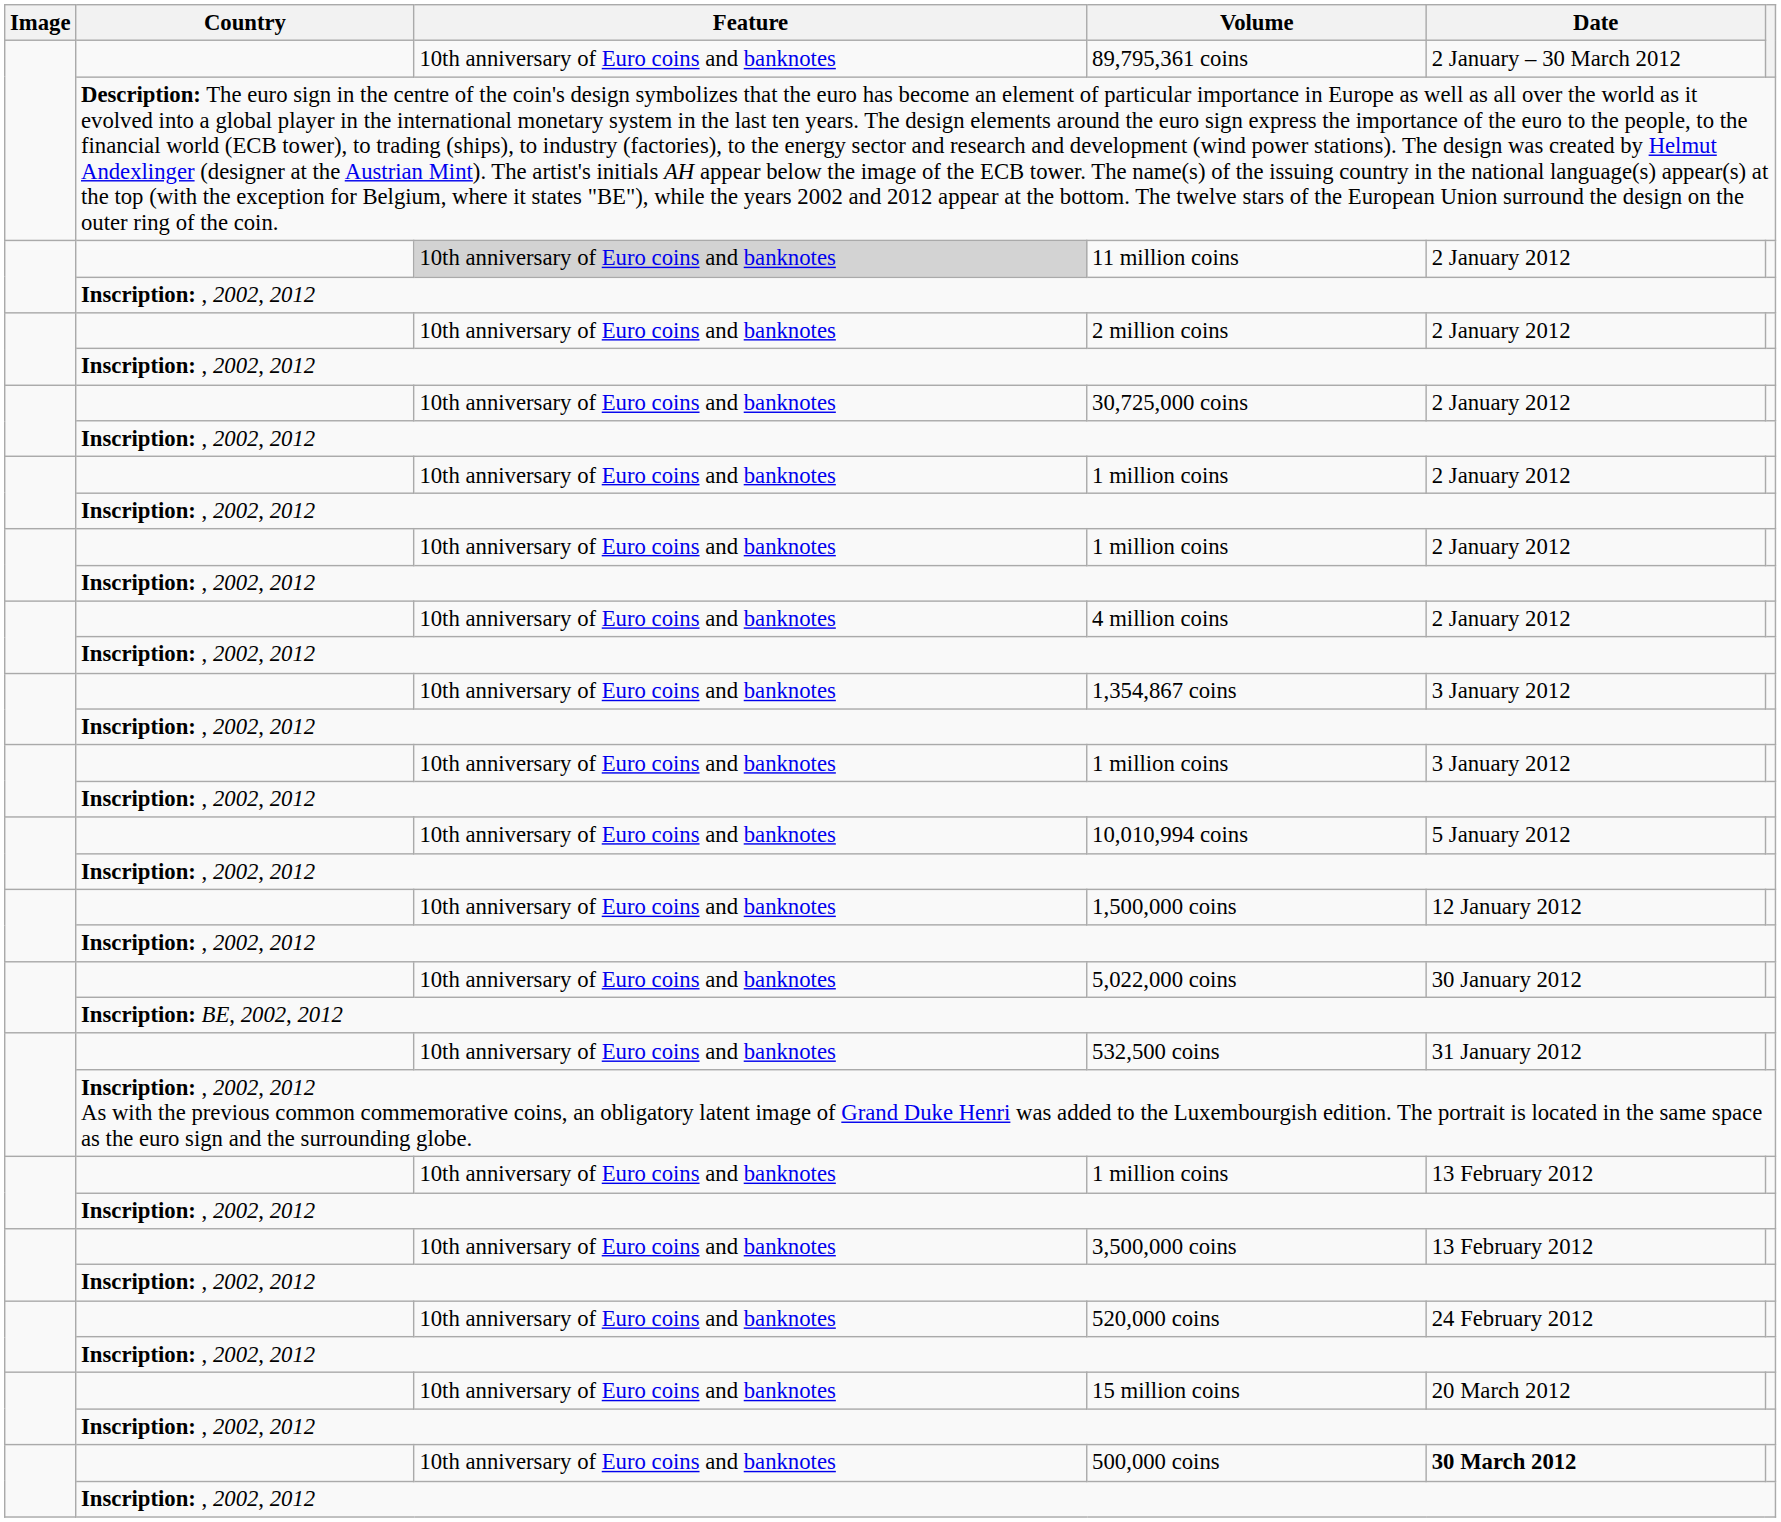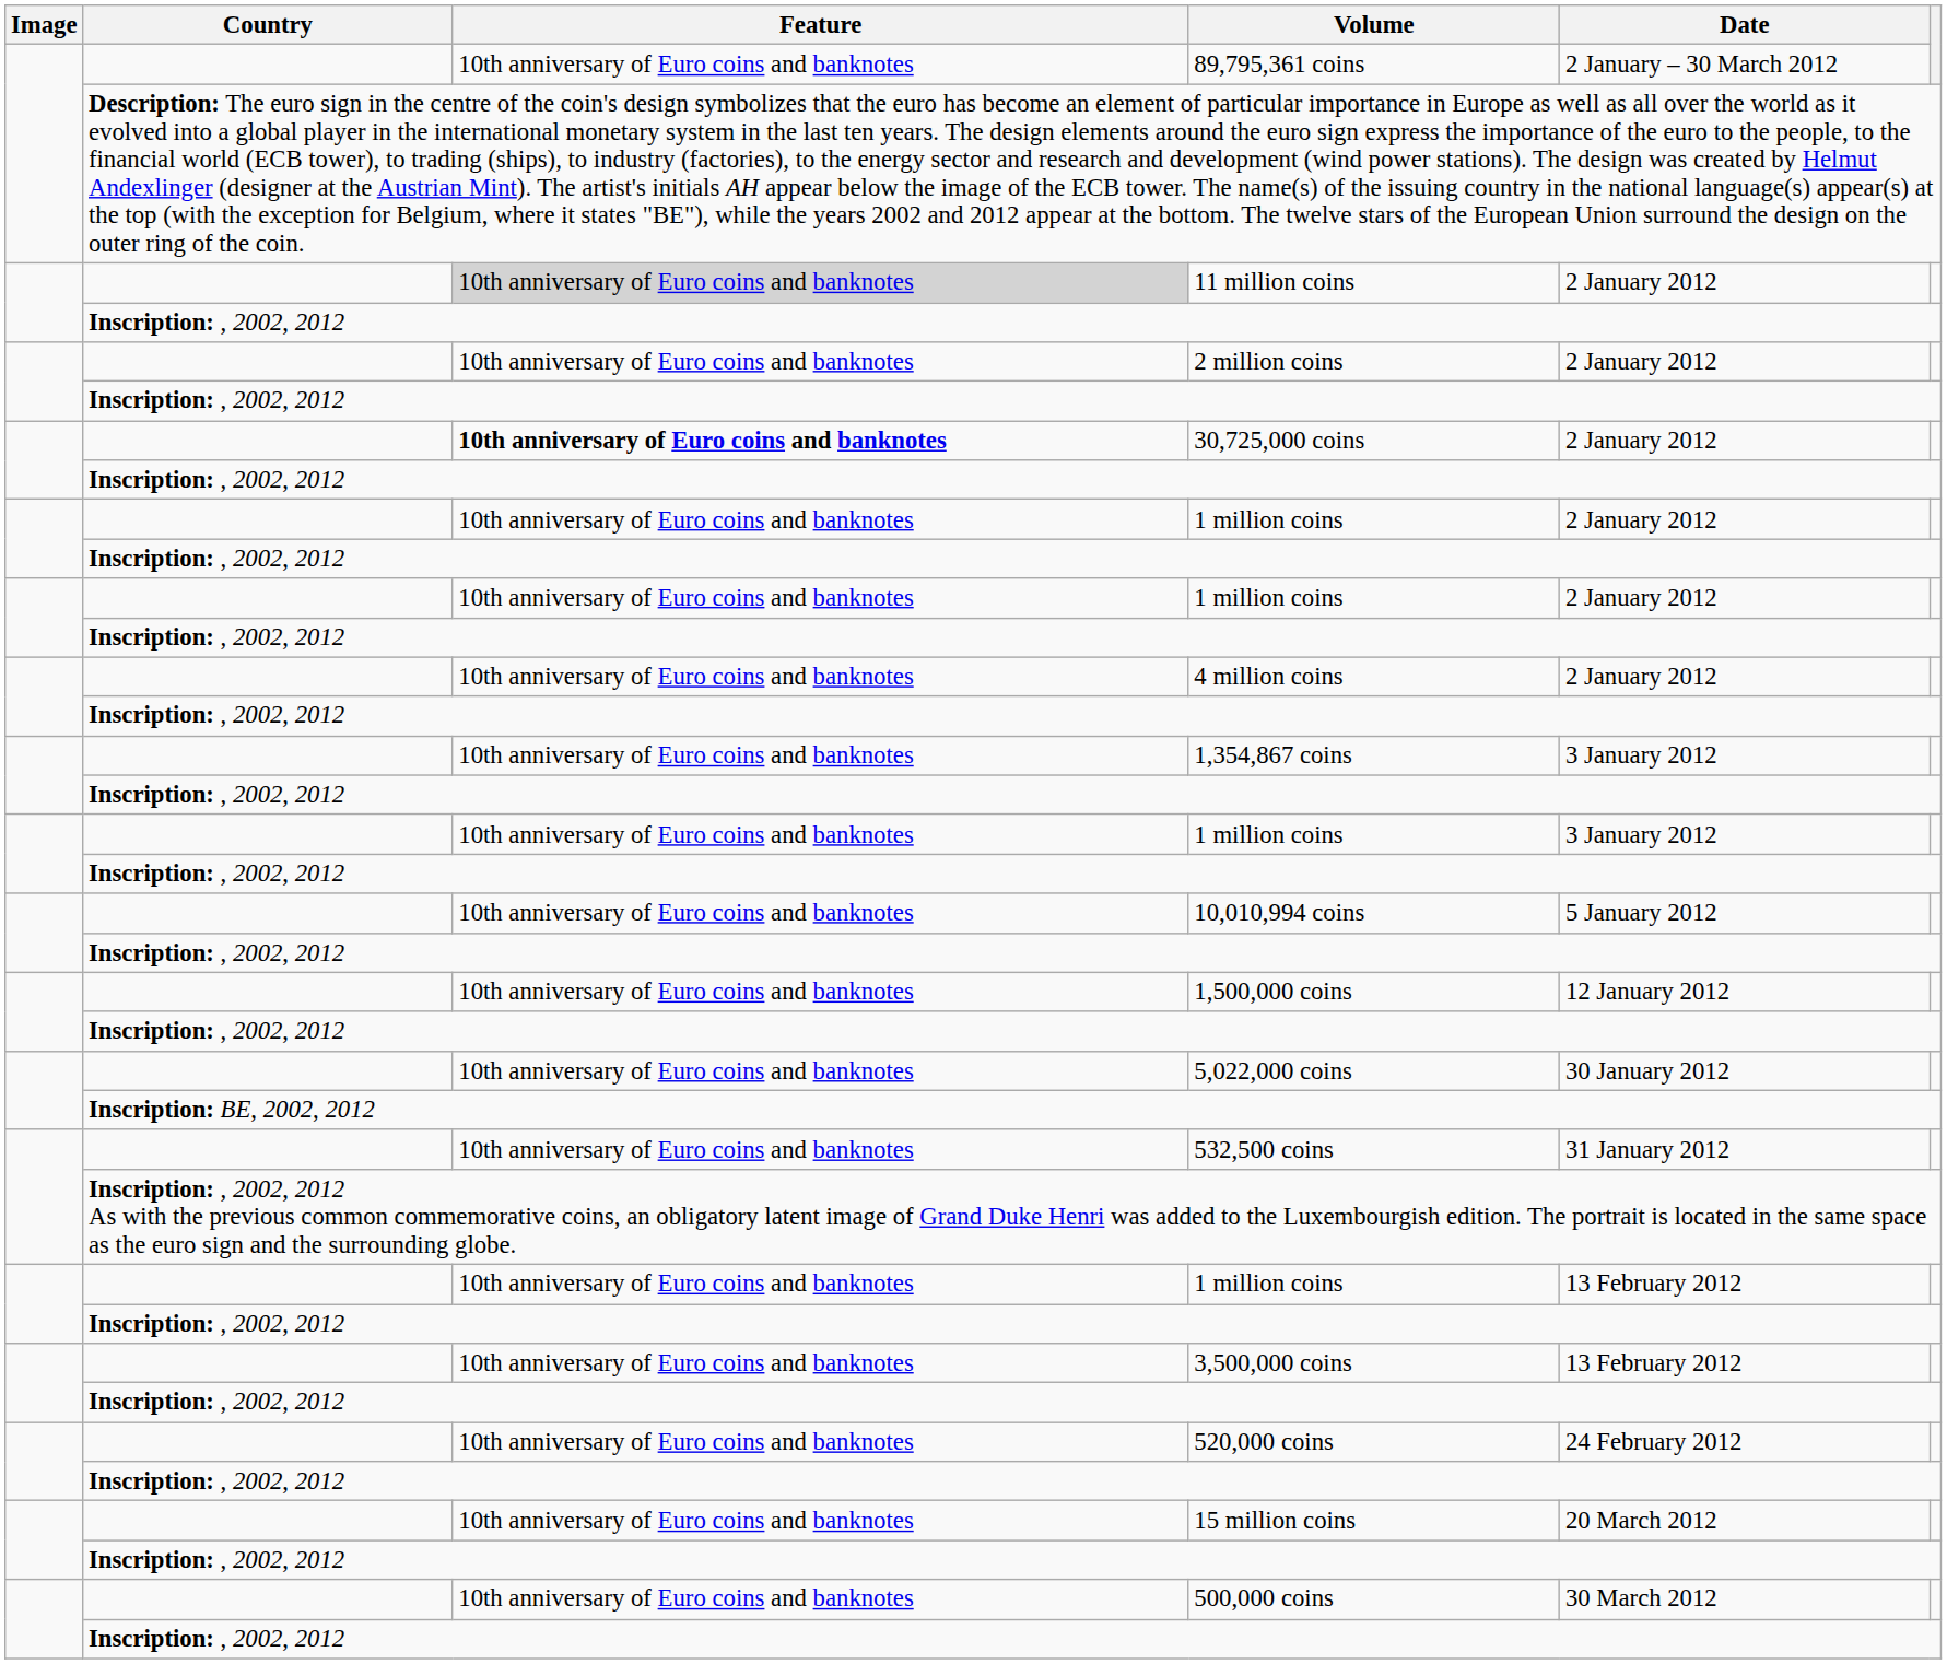 <table class="wikitable">
 <tr>
 <th>Image</th>
 <th>Country</th>
 <th>Feature</th>
 <th>Volume</th>
 <th>Date</th>
 <th rowspan="2"></th>
 </tr>
 <tr>
 <td style="width:160px;" rowspan="2"></td>
 <td style="width:20%;"></td>
 <td style="width:40%;">10th anniversary of <a href='#'>Euro coins</a> and <a href='#'>banknotes</a></td>
 <td style="width:20%;">89,795,361 coins</td>
 <td style="width:20%;">2 January – 30 March 2012</td>
 </tr>
 <tr>
 <td colspan="5"><strong>Description:</strong> The euro sign in the centre of the coin's design symbolizes that the euro has become an element of particular importance in Europe as well as all over the world as it evolved into a global player in the international monetary system in the last ten years. The design elements around the euro sign express the importance of the euro to the people, to the financial world (ECB tower), to trading (ships), to industry (factories), to the energy sector and research and development (wind power stations). The design was created by <a href='#'>Helmut Andexlinger</a> (designer at the <a href='#'>Austrian Mint</a>). The artist's initials <em>AH</em> appear below the image of the ECB tower. The name(s) of the issuing country in the national language(s) appear(s) at the top (with the exception for Belgium, where it states "BE"), while the years 2002 and 2012 appear at the bottom. The twelve stars of the European Union surround the design on the outer ring of the coin.</td>
 </tr>
 <tr>
 <td style="width:160px;" rowspan="2"></td>
 <td style="width:20%;"></td>
 <td style="background: lightgrey; width:40%;">10th anniversary of <a href='#'>Euro coins</a> and <a href='#'>banknotes</a></td>
 <td style="width:20%;">11 million coins</td>
 <td style="width:20%;">2 January 2012</td>
 <td></td>
 </tr>
 <tr>
 <td colspan="5"><strong>Inscription:</strong> , <em>2002</em>, <em>2012</em></td>
 </tr>
 <tr>
 <td style="width:160px;" rowspan="2"></td>
 <td style="width:20%;"></td>
 <td style="width:40%;">10th anniversary of <a href='#'>Euro coins</a> and <a href='#'>banknotes</a></td>
 <td style="width:20%;">2 million coins</td>
 <td style="width:20%;">2 January 2012</td>
 <td></td>
 </tr>
 <tr>
 <td colspan="5"><strong>Inscription:</strong> , <em>2002</em>, <em>2012</em></td>
 </tr>
 <tr>
 <td style="width:160px;" rowspan="2"></td>
 <td style="width:20%;"></td>
-<td style="width:40%;">10th anniversary of <a href='#'>Euro coins</a> and <a href='#'>banknotes</a></td>
+<td style="width:40%;"><strong>10th anniversary of <a href='#'>Euro coins</a> and <a href='#'>banknotes</a></strong></td>
 <td style="width:20%;">30,725,000 coins</td>
 <td style="width:20%;">2 January 2012</td>
 <td></td>
 </tr>
 <tr>
 <td colspan="5"><strong>Inscription:</strong> , <em>2002</em>, <em>2012</em></td>
 </tr>
 <tr>
 <td style="width:160px;" rowspan="2"></td>
 <td style="width:20%;"></td>
 <td style="width:40%;">10th anniversary of <a href='#'>Euro coins</a> and <a href='#'>banknotes</a></td>
 <td style="width:20%;">1 million coins</td>
 <td style="width:20%;">2 January 2012</td>
 <td></td>
 </tr>
 <tr>
 <td colspan="5"><strong>Inscription:</strong> <em></em>, <em>2002</em>, <em>2012</em></td>
 </tr>
 <tr>
 <td style="width:160px;" rowspan="2"></td>
 <td style="width:20%;"></td>
 <td style="width:40%;">10th anniversary of <a href='#'>Euro coins</a> and <a href='#'>banknotes</a></td>
 <td style="width:20%;">1 million coins</td>
 <td style="width:20%;">2 January 2012</td>
 <td></td>
 </tr>
 <tr>
 <td colspan="5"><strong>Inscription:</strong> , <em>2002</em>, <em>2012</em></td>
 </tr>
 <tr>
 <td style="width:160px;" rowspan="2"></td>
 <td style="width:20%;"></td>
 <td style="width:40%;">10th anniversary of <a href='#'>Euro coins</a> and <a href='#'>banknotes</a></td>
 <td style="width:20%;">4 million coins</td>
 <td style="width:20%;">2 January 2012</td>
 <td></td>
 </tr>
 <tr>
 <td colspan="5"><strong>Inscription:</strong> , <em>2002</em>, <em>2012</em></td>
 </tr>
 <tr>
 <td style="width:160px;" rowspan="2"></td>
 <td style="width:20%;"></td>
 <td style="width:40%;">10th anniversary of <a href='#'>Euro coins</a> and <a href='#'>banknotes</a></td>
 <td style="width:20%;">1,354,867 coins</td>
 <td style="width:20%;">3 January 2012</td>
 <td></td>
 </tr>
 <tr>
 <td colspan="5"><strong>Inscription:</strong> , <em>2002</em>, <em>2012</em></td>
 </tr>
 <tr>
 <td style="width:160px;" rowspan="2"></td>
 <td style="width:20%;"></td>
 <td style="width:40%;">10th anniversary of <a href='#'>Euro coins</a> and <a href='#'>banknotes</a></td>
 <td style="width:20%;">1 million coins</td>
 <td style="width:20%;">3 January 2012</td>
 <td></td>
 </tr>
 <tr>
 <td colspan="5"><strong>Inscription:</strong> , <em>2002</em>, <em>2012</em></td>
 </tr>
 <tr>
 <td style="width:160px;" rowspan="2"></td>
 <td style="width:20%;"></td>
 <td style="width:40%;">10th anniversary of <a href='#'>Euro coins</a> and <a href='#'>banknotes</a></td>
 <td style="width:20%;">10,010,994 coins</td>
 <td style="width:20%;">5 January 2012</td>
 <td></td>
 </tr>
 <tr>
 <td colspan="5"><strong>Inscription:</strong> , <em>2002</em>, <em>2012</em></td>
 </tr>
 <tr>
 <td style="width:160px;" rowspan="2"></td>
 <td style="width:20%;"></td>
 <td style="width:40%;">10th anniversary of <a href='#'>Euro coins</a> and <a href='#'>banknotes</a></td>
 <td style="width:20%;">1,500,000 coins</td>
 <td style="width:20%;">12 January 2012</td>
 <td></td>
 </tr>
 <tr>
 <td colspan="5"><strong>Inscription:</strong>  , <em>2002</em>, <em>2012</em></td>
 </tr>
 <tr>
 <td style="width:160px;" rowspan="2"></td>
 <td style="width:20%;"></td>
 <td style="width:40%;">10th anniversary of <a href='#'>Euro coins</a> and <a href='#'>banknotes</a></td>
 <td style="width:20%;">5,022,000 coins</td>
 <td style="width:20%;">30 January 2012</td>
 <td></td>
 </tr>
 <tr>
 <td colspan="5"><strong>Inscription:</strong> <em>BE</em>, <em>2002</em>, <em>2012</em></td>
 </tr>
 <tr>
 <td style="width:160px;" rowspan="2"></td>
 <td style="width:20%;"></td>
 <td style="width:40%;">10th anniversary of <a href='#'>Euro coins</a> and <a href='#'>banknotes</a></td>
 <td style="width:20%;">532,500 coins</td>
 <td style="width:20%;">31 January 2012</td>
 <td></td>
 </tr>
 <tr>
 <td colspan="5"><strong>Inscription:</strong> , <em>2002</em>, <em>2012</em><br>As with the previous common commemorative coins, an obligatory latent image of <a href='#'>Grand Duke Henri</a> was added to the Luxembourgish edition. The portrait is located in the same space as the euro sign and the surrounding globe.</td>
 </tr>
 <tr>
 <td style="width:160px;" rowspan="2"></td>
 <td style="width:20%;"></td>
 <td style="width:40%;">10th anniversary of <a href='#'>Euro coins</a> and <a href='#'>banknotes</a></td>
 <td style="width:20%;">1 million coins</td>
 <td style="width:20%;">13 February 2012</td>
 <td></td>
 </tr>
 <tr>
 <td colspan="5"><strong>Inscription:</strong> <em></em> , <em>2002</em>, <em>2012</em></td>
 </tr>
 <tr>
 <td style="width:160px;" rowspan="2"></td>
 <td style="width:20%;"></td>
 <td style="width:40%;">10th anniversary of <a href='#'>Euro coins</a> and <a href='#'>banknotes</a></td>
 <td style="width:20%;">3,500,000 coins</td>
 <td style="width:20%;">13 February 2012</td>
 <td></td>
 </tr>
 <tr>
 <td colspan="5"><strong>Inscription:</strong> , <em>2002</em>, <em>2012</em></td>
 </tr>
 <tr>
 <td style="width:160px;" rowspan="2"></td>
 <td style="width:20%;"></td>
 <td style="width:40%;">10th anniversary of <a href='#'>Euro coins</a> and <a href='#'>banknotes</a></td>
 <td style="width:20%;">520,000 coins</td>
 <td style="width:20%;">24 February 2012</td>
 <td></td>
 </tr>
 <tr>
 <td colspan="5"><strong>Inscription:</strong> , <em>2002</em>, <em>2012</em></td>
 </tr>
 <tr>
 <td style="width:160px;" rowspan="2"></td>
 <td style="width:20%;"></td>
 <td style="width:40%;">10th anniversary of <a href='#'>Euro coins</a> and <a href='#'>banknotes</a></td>
 <td style="width:20%;">15 million coins</td>
 <td style="width:20%;">20 March 2012</td>
 <td></td>
 </tr>
 <tr>
 <td colspan="5"><strong>Inscription:</strong> , <em>2002</em>, <em>2012</em></td>
 </tr>
 <tr>
 <td style="width:160px;" rowspan="2"></td>
 <td style="width:20%;"></td>
 <td style="width:40%;">10th anniversary of <a href='#'>Euro coins</a> and <a href='#'>banknotes</a></td>
 <td style="width:20%;">500,000 coins</td>
-<td style="width:20%;"><strong>30 March 2012</strong></td>
+<td style="width:20%;">30 March 2012</td>
 <td></td>
 </tr>
 <tr>
 <td colspan="5"><strong>Inscription:</strong> , <em>2002</em>, <em>2012</em></td>
 </tr>
 </table>
